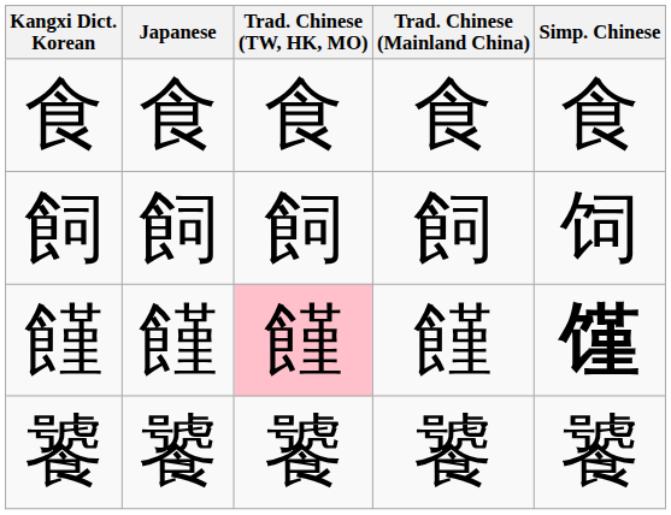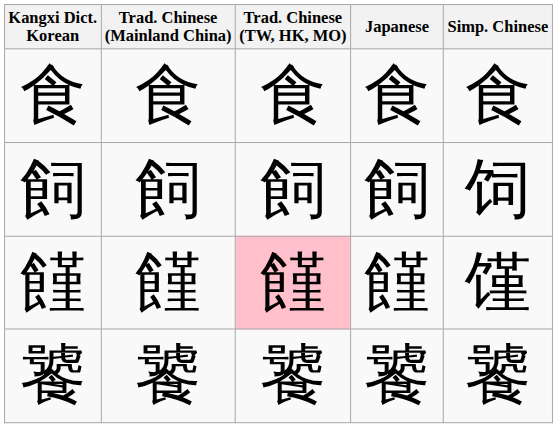 <table class="wikitable" style="text-align: center;">
 <tr>
 <th>Kangxi Dict.<br>Korean</th>
+<th>Trad. Chinese<br>(Mainland China)</th>
+<th>Trad. Chinese<br>(TW, HK, MO)</th>
 <th>Japanese</th>
-<th>Trad. Chinese<br>(TW, HK, MO)</th>
-<th>Trad. Chinese<br>(Mainland China)</th>
 <th>Simp. Chinese</th>
 </tr>
 <tr style="font-size:4em;font-family:serif;line-height:100%;">
 <td lang="ko">食</td>
+<td lang="zh-Hans">食</td>
+<td lang="zh-Hant">食</td>
 <td lang="ja">食</td>
-<td lang="zh-Hant">食</td>
-<td lang="zh-Hans">食</td>
 <td lang="zh-Hans">食</td>
 </tr>
 <tr style="font-size:4em;font-family:serif;line-height:100%;">
 <td lang="ko">飼</td>
+<td lang="zh-Hans">飼</td>
+<td lang="zh-Hant">飼</td>
 <td lang="ja">飼</td>
-<td lang="zh-Hant">飼</td>
-<td lang="zh-Hans">飼</td>
 <td lang="zh-Hans">饲</td>
 </tr>
 <tr style="font-size:4em;font-family:serif;line-height:100%;">
 <td lang="ko">饉</td>
+<td lang="zh-Hans">饉</td>
+<td lang="zh-Hant" style="background: pink;">饉</td>
 <td lang="ja">饉</td>
-<td lang="zh-Hant" style="background: pink;">饉</td>
-<td lang="zh-Hans">饉</td>
-<td lang="zh-Hans"><strong>馑</strong></td>
+<td lang="zh-Hans">馑</td>
 </tr>
 <tr style="font-size:4em;font-family:serif;line-height:100%;">
 <td lang="ko">饕</td>
+<td lang="zh-Hans">饕</td>
+<td lang="zh-Hant">饕</td>
 <td lang="ja">饕</td>
-<td lang="zh-Hant">饕</td>
-<td lang="zh-Hans">饕</td>
 <td lang="zh-Hans">饕</td>
 </tr>
 </table>
